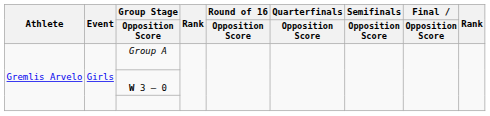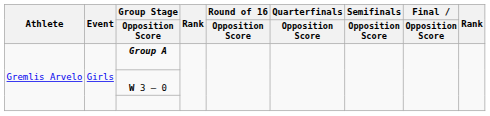 <table class=wikitable style="font-size:90%">
 <tr>
 <th rowspan="2">Athlete</th>
 <th rowspan="2">Event</th>
 <th>Group Stage</th>
 <th rowspan="2">Rank</th>
 <th>Round of 16</th>
 <th>Quarterfinals</th>
 <th>Semifinals</th>
 <th>Final / </th>
 <th rowspan=2>Rank</th>
 </tr>
 <tr style="font-size:95%">
 <th>Opposition<br>Score</th>
 <th>Opposition<br>Score</th>
 <th>Opposition<br>Score</th>
 <th>Opposition<br>Score</th>
 <th>Opposition<br>Score</th>
 </tr>
 <tr align=center>
 <td align=left rowspan=3><a href='#'>Gremlis Arvelo</a></td>
 <td align=left rowspan=3><a href='#'>Girls</a></td>
-<td><em>Group A</em><br><br></td>
+<td><strong><em>Group A</em><br><br></strong></td>
 <td rowspan=3></td>
 <td rowspan=3></td>
 <td rowspan=3></td>
 <td rowspan=3></td>
 <td rowspan=3></td>
 <td rowspan=3></td>
 </tr>
 <tr align=center>
 <td><br><strong>W</strong> 3 – 0</td>
 </tr>
 <tr align=center>
 <td><br></td>
 </tr>
 </table>
